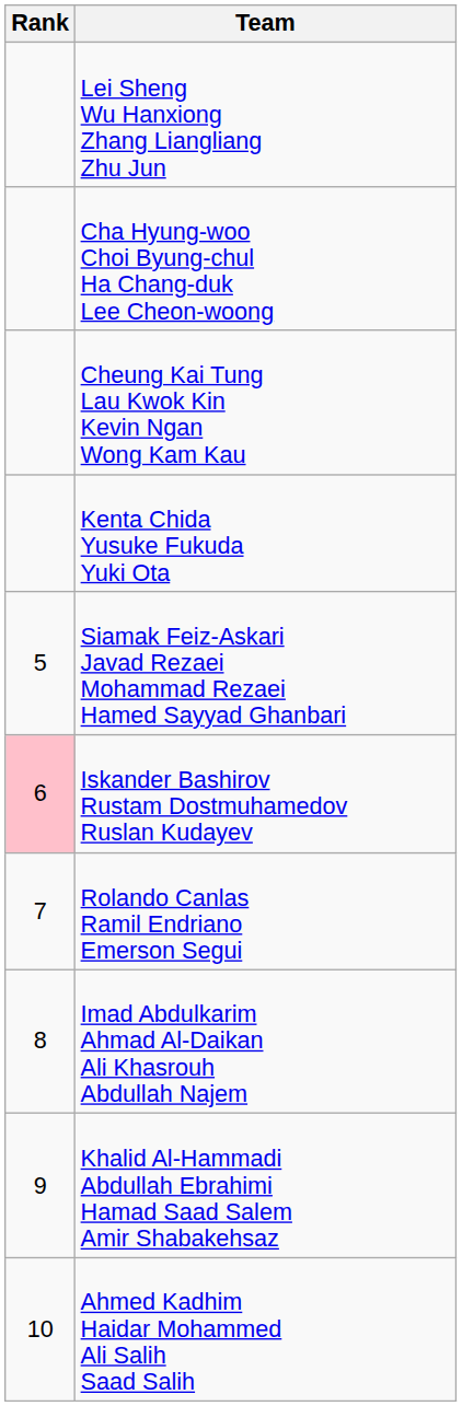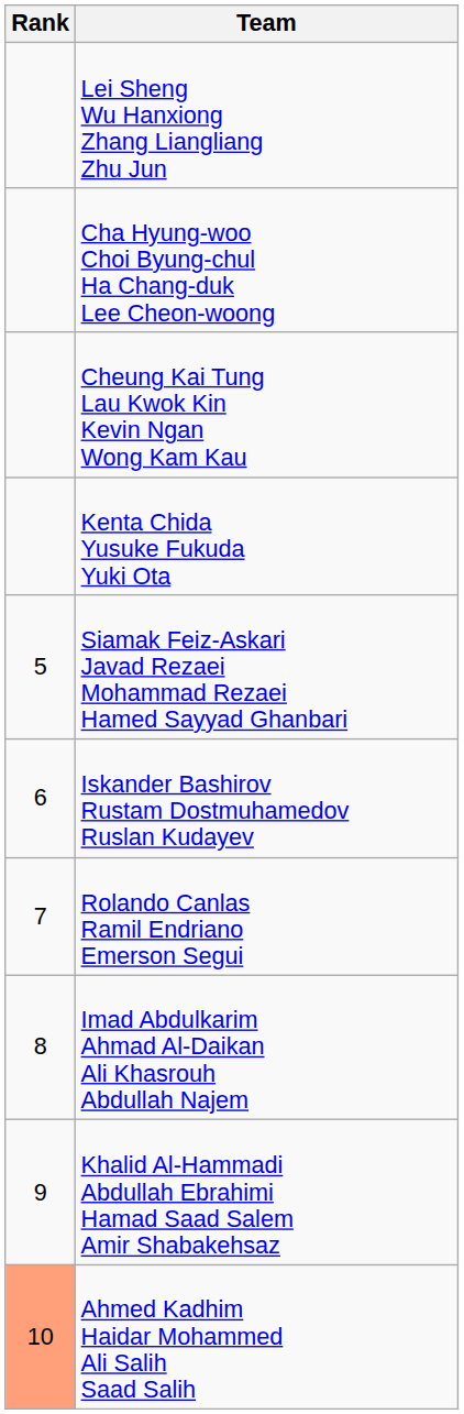 <table class="wikitable" style="text-align: center;">
 <tr>
 <th width=40>Rank</th>
 <th width=250>Team</th>
 </tr>
 <tr>
 <td></td>
 <td align=left><br><a href='#'>Lei Sheng</a><br><a href='#'>Wu Hanxiong</a><br><a href='#'>Zhang Liangliang</a><br><a href='#'>Zhu Jun</a></td>
 </tr>
 <tr>
 <td></td>
 <td align=left><br><a href='#'>Cha Hyung-woo</a><br><a href='#'>Choi Byung-chul</a><br><a href='#'>Ha Chang-duk</a><br><a href='#'>Lee Cheon-woong</a></td>
 </tr>
 <tr>
 <td></td>
 <td align=left><br><a href='#'>Cheung Kai Tung</a><br><a href='#'>Lau Kwok Kin</a><br><a href='#'>Kevin Ngan</a><br><a href='#'>Wong Kam Kau</a></td>
 </tr>
 <tr>
 <td></td>
 <td align=left><br><a href='#'>Kenta Chida</a><br><a href='#'>Yusuke Fukuda</a><br><a href='#'>Yuki Ota</a></td>
 </tr>
 <tr>
 <td>5</td>
 <td align=left><br><a href='#'>Siamak Feiz-Askari</a><br><a href='#'>Javad Rezaei</a><br><a href='#'>Mohammad Rezaei</a><br><a href='#'>Hamed Sayyad Ghanbari</a></td>
 </tr>
 <tr>
-<td style="background: pink;">6</td>
+<td>6</td>
 <td align=left><br><a href='#'>Iskander Bashirov</a><br><a href='#'>Rustam Dostmuhamedov</a><br><a href='#'>Ruslan Kudayev</a></td>
 </tr>
 <tr>
 <td>7</td>
 <td align=left><br><a href='#'>Rolando Canlas</a><br><a href='#'>Ramil Endriano</a><br><a href='#'>Emerson Segui</a></td>
 </tr>
 <tr>
 <td>8</td>
 <td align=left><br><a href='#'>Imad Abdulkarim</a><br><a href='#'>Ahmad Al-Daikan</a><br><a href='#'>Ali Khasrouh</a><br><a href='#'>Abdullah Najem</a></td>
 </tr>
 <tr>
 <td>9</td>
 <td align=left><br><a href='#'>Khalid Al-Hammadi</a><br><a href='#'>Abdullah Ebrahimi</a><br><a href='#'>Hamad Saad Salem</a><br><a href='#'>Amir Shabakehsaz</a></td>
 </tr>
 <tr>
-<td>10</td>
+<td style="background: lightsalmon;">10</td>
 <td align=left><br><a href='#'>Ahmed Kadhim</a><br><a href='#'>Haidar Mohammed</a><br><a href='#'>Ali Salih</a><br><a href='#'>Saad Salih</a></td>
 </tr>
 </table>
